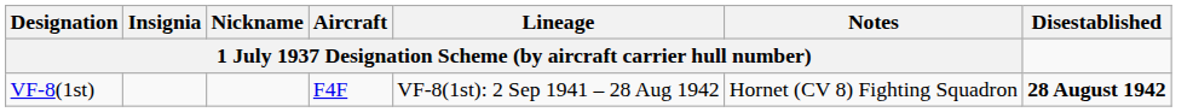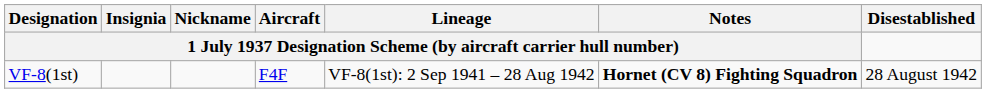 <table class="wikitable">
 <tr>
 <th>Designation</th>
 <th>Insignia</th>
 <th>Nickname</th>
 <th>Aircraft</th>
 <th>Lineage</th>
 <th>Notes</th>
 <th>Disestablished</th>
 </tr>
 <tr>
 <th colspan=6>1 July 1937 Designation Scheme (by aircraft carrier hull number)</th>
 </tr>
 <tr>
 <td><a href='#'>VF-8</a>(1st)</td>
 <td></td>
 <td></td>
 <td><a href='#'>F4F</a></td>
 <td style="white-space: nowrap;">VF-8(1st): 2 Sep 1941 – 28 Aug 1942</td>
-<td>Hornet (CV 8) Fighting Squadron</td>
-<td><strong>28 August 1942</strong></td>
+<td><strong>Hornet (CV 8) Fighting Squadron</strong></td>
+<td>28 August 1942</td>
 </tr>
 </table>
